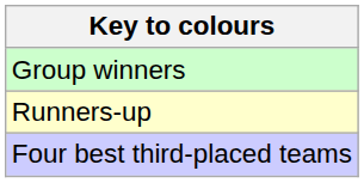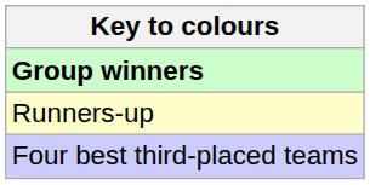 <table class="wikitable">
 <tr>
 <th>Key to colours</th>
 </tr>
 <tr bgcolor="#ccffcc">
-<td>Group winners</td>
+<td><strong>Group winners</strong></td>
 </tr>
 <tr bgcolor="#ffffcc">
 <td>Runners-up</td>
 </tr>
 <tr bgcolor="#ccccff">
 <td>Four best third-placed teams</td>
 </tr>
 </table>
